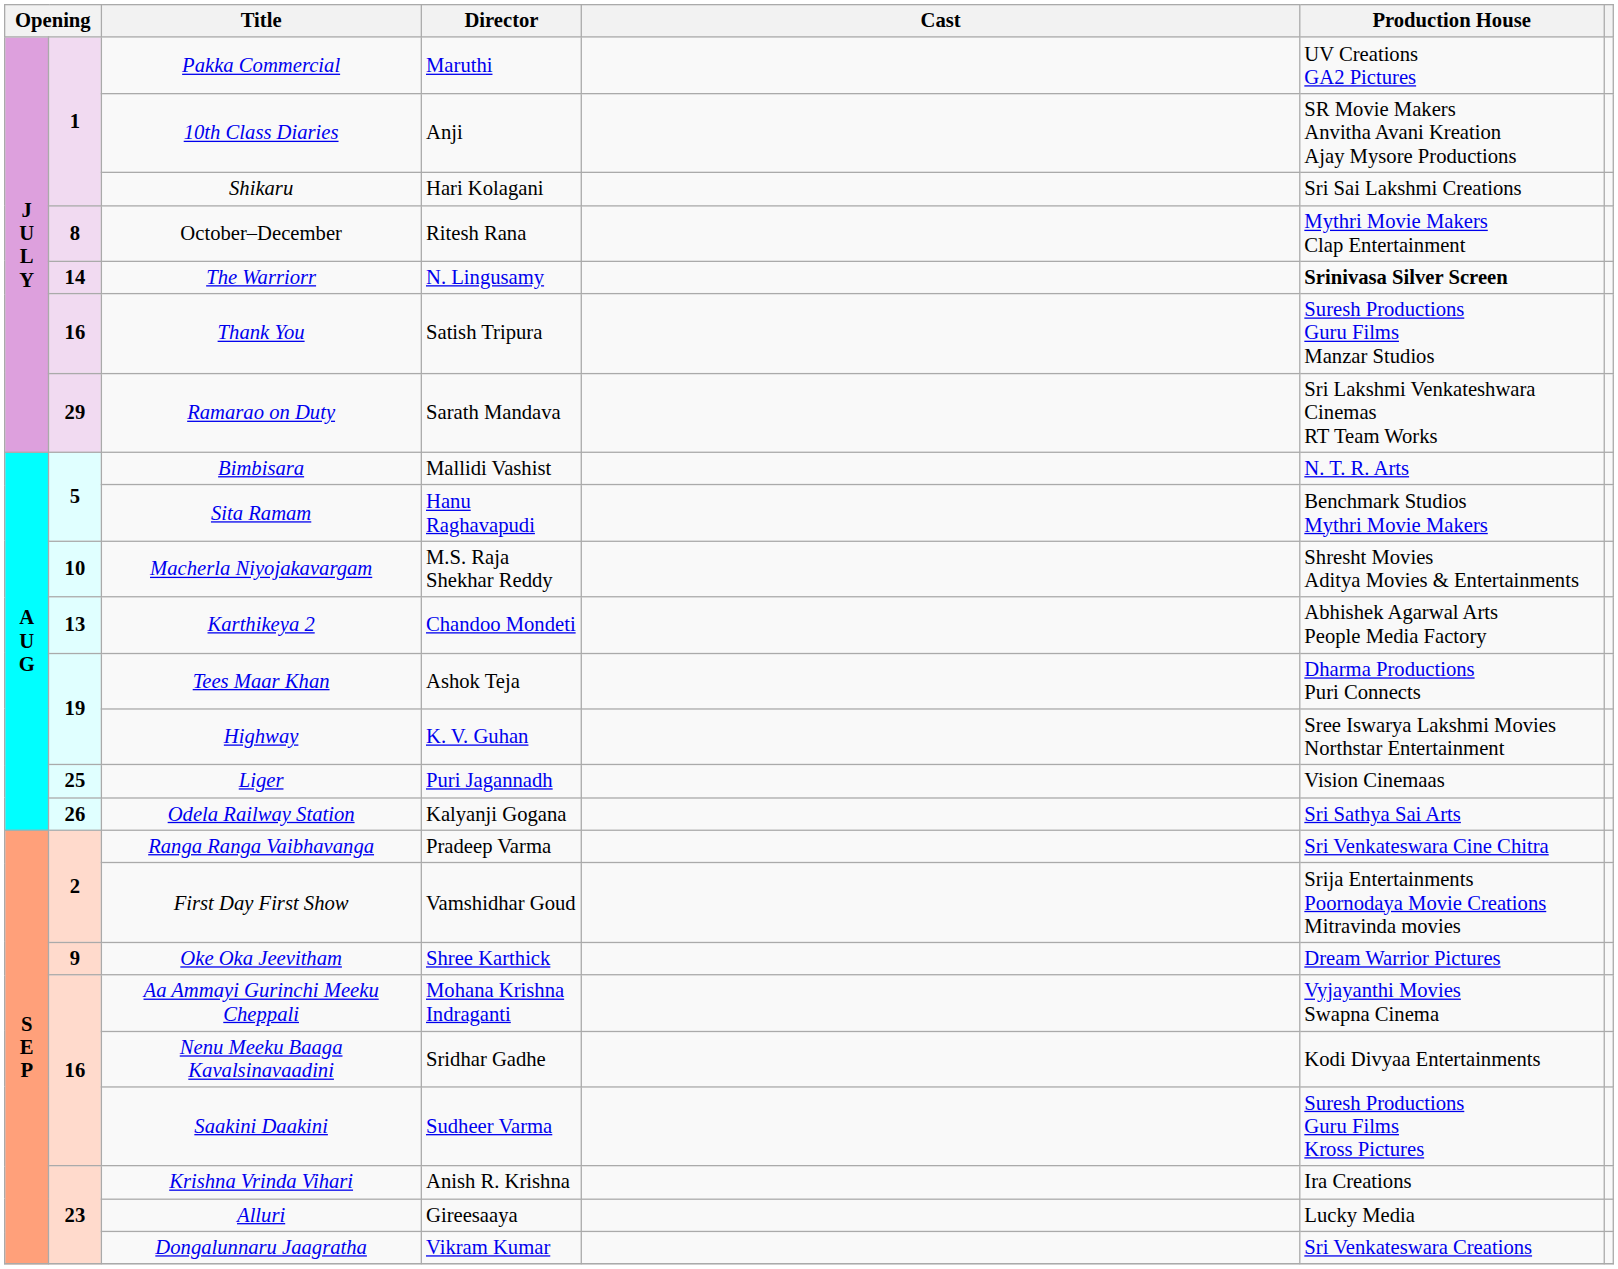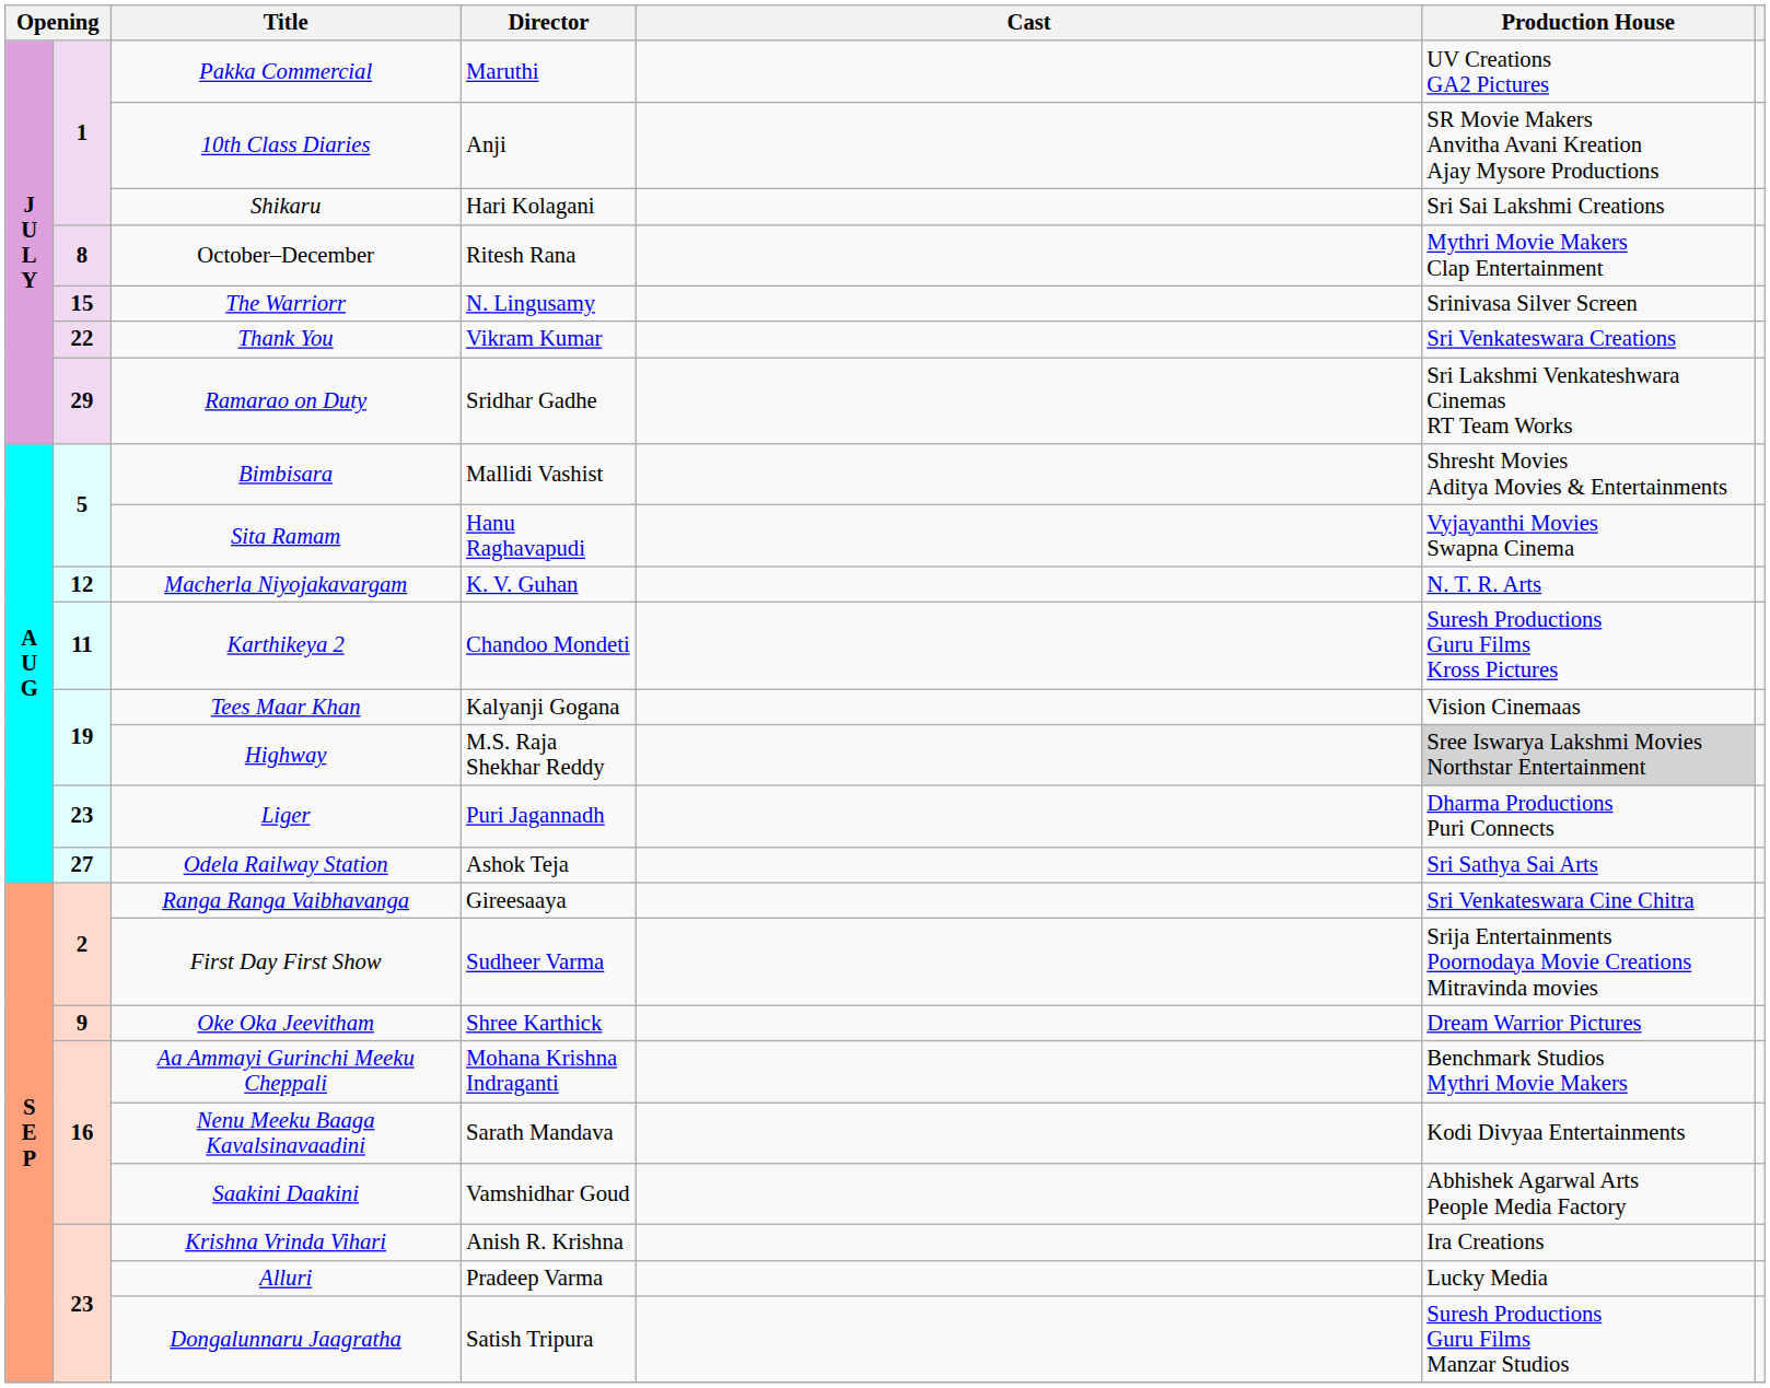 <table class="wikitable sortable">
 <tr>
 <th colspan="2" style="width:6%;"><strong>Opening</strong></th>
 <th style="width:20%;"><strong>Title</strong></th>
 <th style="width:10%;"><strong>Director</strong></th>
 <th style="width:45%;"><strong>Cast</strong></th>
 <th style="width:30%;"><strong>Production House</strong></th>
 <th style="width:1%;" class="unsortable"></th>
 </tr>
 <tr July!>
 <td rowspan="7" style="text-align:center; background:plum; textcolor:#000;"><strong>J<br>U<br>L<br>Y</strong></td>
 <td rowspan="3" style="text-align:center; background:#f1daf1;"><strong>1</strong></td>
 <td style="text-align:center;"><em><a href='#'>Pakka Commercial</a></em></td>
 <td><a href='#'>Maruthi</a></td>
 <td></td>
 <td>UV Creations<br><a href='#'>GA2 Pictures</a></td>
 <td></td>
 </tr>
 <tr>
 <td style="text-align:center;"><em><a href='#'>10th Class Diaries</a></em></td>
 <td>Anji</td>
 <td></td>
 <td>SR Movie Makers<br>Anvitha Avani Kreation<br>Ajay Mysore Productions</td>
 <td></td>
 </tr>
 <tr>
 <td style="text-align:center;"><em>Shikaru</em></td>
 <td>Hari Kolagani</td>
 <td></td>
 <td>Sri Sai Lakshmi Creations</td>
 <td></td>
 </tr>
 <tr>
 <td style="text-align:center; background:#f1daf1;"><strong>8</strong></td>
 <td style="text-align:center;">October–December</td>
 <td>Ritesh Rana</td>
 <td></td>
 <td><a href='#'>Mythri Movie Makers</a><br>Clap Entertainment</td>
 <td></td>
 </tr>
 <tr>
-<td style="text-align:center; background:#f1daf1;"><strong>14</strong></td>
+<td style="text-align:center; background:#f1daf1;"><strong>15</strong></td>
 <td style="text-align:center;"><em><a href='#'>The Warriorr</a></em></td>
 <td><a href='#'>N. Lingusamy</a></td>
 <td></td>
-<td><strong>Srinivasa Silver Screen</strong></td>
+<td>Srinivasa Silver Screen</td>
 <td></td>
 </tr>
 <tr>
-<td style="text-align:center; background:#f1daf1;"><strong>16</strong></td>
+<td style="text-align:center; background:#f1daf1;"><strong>22</strong></td>
 <td style="text-align:center;"><em><a href='#'>Thank You</a></em></td>
-<td>Satish Tripura</td>
+<td><a href='#'>Vikram Kumar</a></td>
 <td></td>
-<td><a href='#'>Suresh Productions</a><br><a href='#'>Guru Films</a><br>Manzar Studios</td>
+<td><a href='#'>Sri Venkateswara Creations</a></td>
 <td></td>
 </tr>
 <tr>
 <td style="text-align:center; background:#f1daf1;"><strong>29</strong></td>
 <td style="text-align:center;"><em><a href='#'>Ramarao on Duty</a></em></td>
-<td>Sarath Mandava</td>
+<td>Sridhar Gadhe</td>
 <td></td>
 <td>Sri Lakshmi Venkateshwara Cinemas<br>RT Team Works</td>
 <td></td>
 </tr>
 <tr>
 <td rowspan="8" style="text-align:center; background:#0ff;"><strong>A<br>U<br>G</strong></td>
 <td rowspan="2" style="text-align:center; background:#e0ffff;"><strong>5</strong></td>
 <td style="text-align:center;"><a href='#'><em>Bimbisara</em></a></td>
 <td>Mallidi Vashist</td>
 <td></td>
-<td><a href='#'>N. T. R. Arts</a></td>
+<td>Shresht Movies<br>Aditya Movies & Entertainments</td>
 <td></td>
 </tr>
 <tr>
 <td style="text-align:center;"><em><a href='#'>Sita Ramam</a></em></td>
 <td><a href='#'>Hanu Raghavapudi</a></td>
 <td></td>
-<td>Benchmark Studios<br><a href='#'>Mythri Movie Makers</a></td>
+<td><a href='#'>Vyjayanthi Movies</a><br>Swapna Cinema</td>
 <td></td>
 </tr>
 <tr>
-<td style="text-align:center; background:#e0ffff;"><strong>10</strong></td>
+<td style="text-align:center; background:#e0ffff;"><strong>12</strong></td>
 <td style="text-align:center;"><em><a href='#'>Macherla Niyojakavargam</a></em></td>
-<td>M.S. Raja Shekhar Reddy</td>
+<td><a href='#'>K. V. Guhan</a></td>
 <td></td>
-<td>Shresht Movies<br>Aditya Movies & Entertainments</td>
+<td><a href='#'>N. T. R. Arts</a></td>
 <td></td>
 </tr>
 <tr>
-<td style="text-align:center; background:#e0ffff;"><strong>13</strong></td>
+<td style="text-align:center; background:#e0ffff;"><strong>11</strong></td>
 <td style="text-align:center;"><em><a href='#'>Karthikeya 2</a></em></td>
 <td><a href='#'>Chandoo Mondeti</a></td>
 <td></td>
-<td>Abhishek Agarwal Arts <br>People Media Factory</td>
+<td><a href='#'>Suresh Productions</a><br><a href='#'>Guru Films</a><br><a href='#'>Kross Pictures</a></td>
 <td></td>
 </tr>
 <tr>
 <td rowspan="2" style="text-align:center; background:#e0ffff;"><strong>19</strong></td>
 <td style="text-align:center;"><a href='#'><em>Tees Maar Khan</em></a></td>
-<td>Ashok Teja</td>
+<td>Kalyanji Gogana</td>
+<td></td>
+<td>Vision Cinemaas</td>
+<td></td>
+</tr>
+<tr>
+<td style="text-align:center;"><a href='#'><em>Highway</em></a></td>
+<td>M.S. Raja Shekhar Reddy</td>
+<td></td>
+<td style="background: lightgrey;">Sree Iswarya Lakshmi Movies<br>Northstar Entertainment</td>
+<td></td>
+</tr>
+<tr>
+<td style="text-align:center; background:#e0ffff;"><strong>23</strong></td>
+<td style="text-align:center;"><em><a href='#'>Liger</a></em></td>
+<td><a href='#'>Puri Jagannadh</a></td>
 <td></td>
 <td><a href='#'>Dharma Productions</a><br>Puri Connects</td>
 <td></td>
 </tr>
 <tr>
-<td style="text-align:center;"><a href='#'><em>Highway</em></a></td>
-<td><a href='#'>K. V. Guhan</a></td>
-<td></td>
-<td>Sree Iswarya Lakshmi Movies<br>Northstar Entertainment</td>
-<td></td>
-</tr>
-<tr>
-<td style="text-align:center; background:#e0ffff;"><strong>25</strong></td>
-<td style="text-align:center;"><em><a href='#'>Liger</a></em></td>
-<td><a href='#'>Puri Jagannadh</a></td>
-<td></td>
-<td>Vision Cinemaas</td>
-<td></td>
-</tr>
-<tr>
-<td style="text-align:center; background:#e0ffff;"><strong>26</strong></td>
+<td style="text-align:center; background:#e0ffff;"><strong>27</strong></td>
 <td style="text-align:center;"><em><a href='#'>Odela Railway Station</a></em></td>
-<td>Kalyanji Gogana</td>
+<td>Ashok Teja</td>
 <td></td>
 <td><a href='#'>Sri Sathya Sai Arts</a></td>
 <td></td>
 </tr>
 <tr>
 <td rowspan="9" style="text-align:center;background:#ffa07a;textcolor:#000;"><strong>S<br>E<br>P</strong></td>
 <td rowspan="2" style="text-align:center; background:#ffdacc;"><strong>2</strong></td>
 <td style="text-align:center;"><em><a href='#'>Ranga Ranga Vaibhavanga</a></em></td>
-<td>Pradeep Varma</td>
+<td>Gireesaaya</td>
 <td></td>
 <td><a href='#'>Sri Venkateswara Cine Chitra</a></td>
 <td></td>
 </tr>
 <tr>
 <td style="text-align:center;"><em>First Day First Show</em></td>
-<td>Vamshidhar Goud</td>
+<td><a href='#'>Sudheer Varma</a></td>
 <td></td>
 <td>Srija Entertainments<br><a href='#'>Poornodaya Movie Creations</a><br>Mitravinda movies</td>
 <td></td>
 </tr>
 <tr>
 <td style="text-align:center; background:#ffdacc;"><strong>9</strong></td>
 <td style="text-align:center;"><em><a href='#'>Oke Oka Jeevitham</a></em></td>
 <td><a href='#'>Shree Karthick</a></td>
 <td></td>
 <td><a href='#'>Dream Warrior Pictures</a></td>
 <td></td>
 </tr>
 <tr>
 <td rowspan="3" style="text-align:center; background:#ffdacc;"><strong>16</strong></td>
 <td style="text-align:center;"><em><a href='#'>Aa Ammayi Gurinchi Meeku Cheppali</a></em></td>
 <td><a href='#'>Mohana Krishna Indraganti</a></td>
 <td></td>
-<td><a href='#'>Vyjayanthi Movies</a><br>Swapna Cinema</td>
+<td>Benchmark Studios<br><a href='#'>Mythri Movie Makers</a></td>
 <td></td>
 </tr>
 <tr>
 <td style="text-align:center;"><em><a href='#'>Nenu Meeku Baaga Kavalsinavaadini</a></em></td>
-<td>Sridhar Gadhe</td>
+<td>Sarath Mandava</td>
 <td></td>
 <td>Kodi Divyaa Entertainments</td>
 <td></td>
 </tr>
 <tr>
 <td style="text-align:center;"><em><a href='#'>Saakini Daakini</a></em></td>
-<td><a href='#'>Sudheer Varma</a></td>
+<td>Vamshidhar Goud</td>
 <td></td>
-<td><a href='#'>Suresh Productions</a><br><a href='#'>Guru Films</a><br><a href='#'>Kross Pictures</a></td>
+<td>Abhishek Agarwal Arts <br>People Media Factory</td>
 <td></td>
 </tr>
 <tr>
 <td rowspan="3" style="text-align:center; background:#ffdacc;"><strong>23</strong></td>
 <td style="text-align:center;"><em><a href='#'>Krishna Vrinda Vihari</a></em></td>
 <td>Anish R. Krishna</td>
 <td></td>
 <td>Ira Creations</td>
 <td></td>
 </tr>
 <tr>
 <td style="text-align:center;"><em><a href='#'>Alluri</a></em></td>
-<td>Gireesaaya</td>
+<td>Pradeep Varma</td>
 <td></td>
 <td>Lucky Media</td>
 <td></td>
 </tr>
 <tr>
 <td style="text-align:center;"><em><a href='#'>Dongalunnaru Jaagratha</a></em></td>
-<td><a href='#'>Vikram Kumar</a></td>
+<td>Satish Tripura</td>
 <td></td>
-<td><a href='#'>Sri Venkateswara Creations</a></td>
+<td><a href='#'>Suresh Productions</a><br><a href='#'>Guru Films</a><br>Manzar Studios</td>
 <td></td>
 </tr>
 <tr>
 </tr>
 </table>
